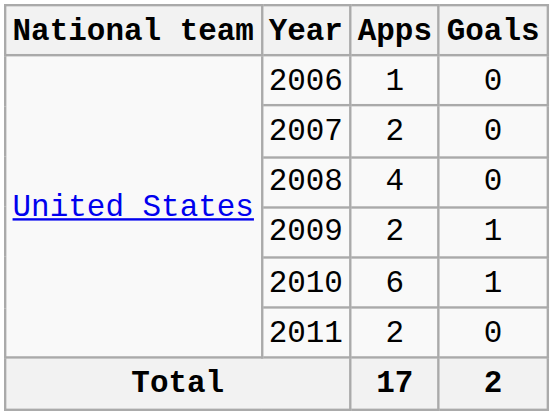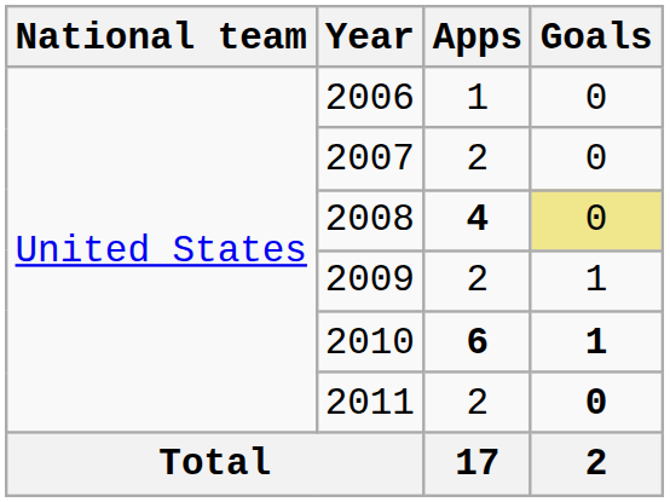 <table class="wikitable" style="text-align:center">
 <tr>
 <th>National team</th>
 <th>Year</th>
 <th>Apps</th>
 <th>Goals</th>
 </tr>
 <tr>
 <td rowspan="6"><a href='#'>United States</a></td>
 <td>2006</td>
 <td>1</td>
 <td>0</td>
 </tr>
 <tr>
 <td>2007</td>
 <td>2</td>
 <td>0</td>
 </tr>
 <tr>
 <td>2008</td>
-<td>4</td>
-<td>0</td>
+<td><strong>4</strong></td>
+<td style="background: khaki;">0</td>
 </tr>
 <tr>
 <td>2009</td>
 <td>2</td>
 <td>1</td>
 </tr>
 <tr>
 <td>2010</td>
-<td>6</td>
-<td>1</td>
+<td><strong>6</strong></td>
+<td><strong>1</strong></td>
 </tr>
 <tr>
 <td>2011</td>
 <td>2</td>
-<td>0</td>
+<td><strong>0</strong></td>
 </tr>
 <tr>
 <th colspan="2">Total</th>
 <th>17</th>
 <th>2</th>
 </tr>
 </table>
